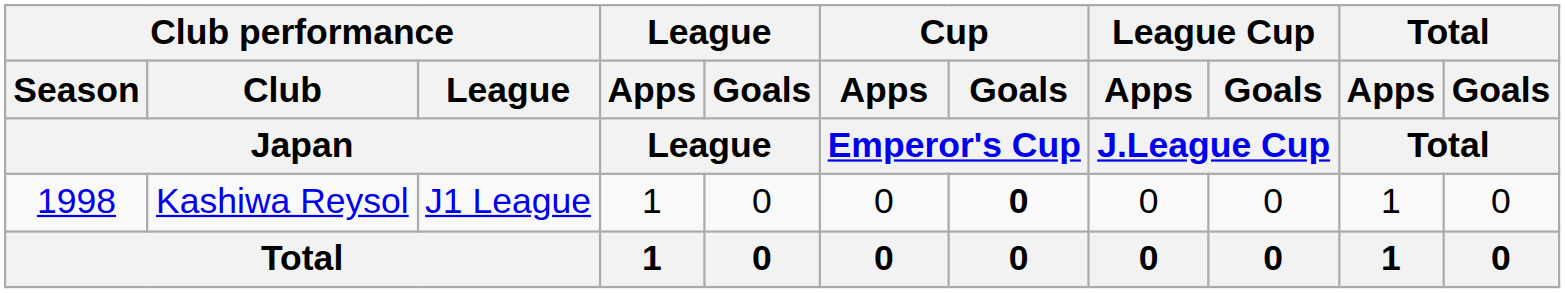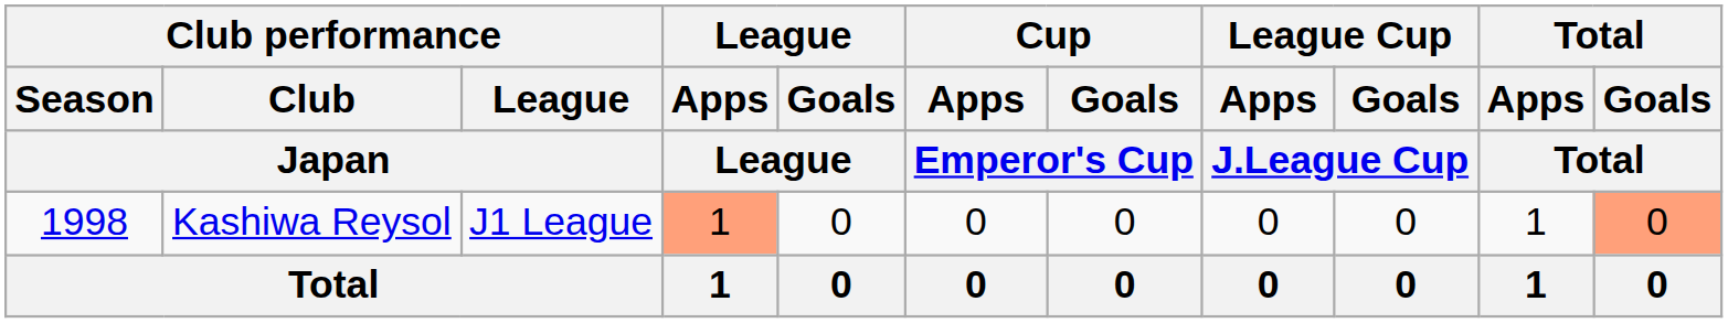 <table class="wikitable" style="text-align:center;">
 <tr>
 <th colspan=3>Club performance</th>
 <th colspan=2>League</th>
 <th colspan=2>Cup</th>
 <th colspan=2>League Cup</th>
 <th colspan=2>Total</th>
 </tr>
 <tr>
 <th>Season</th>
 <th>Club</th>
 <th>League</th>
 <th>Apps</th>
 <th>Goals</th>
 <th>Apps</th>
 <th>Goals</th>
 <th>Apps</th>
 <th>Goals</th>
 <th>Apps</th>
 <th>Goals</th>
 </tr>
 <tr>
 <th colspan=3>Japan</th>
 <th colspan=2>League</th>
 <th colspan=2><a href='#'>Emperor's Cup</a></th>
 <th colspan=2><a href='#'>J.League Cup</a></th>
 <th colspan=2>Total</th>
 </tr>
 <tr>
 <td><a href='#'>1998</a></td>
 <td><a href='#'>Kashiwa Reysol</a></td>
 <td><a href='#'>J1 League</a></td>
-<td>1</td>
+<td style="background: lightsalmon;">1</td>
 <td>0</td>
 <td>0</td>
-<td><strong>0</strong></td>
+<td>0</td>
 <td>0</td>
 <td>0</td>
 <td>1</td>
-<td>0</td>
+<td style="background: lightsalmon;">0</td>
 </tr>
 <tr>
 <th colspan=3>Total</th>
 <th>1</th>
 <th>0</th>
 <th>0</th>
 <th>0</th>
 <th>0</th>
 <th>0</th>
 <th>1</th>
 <th>0</th>
 </tr>
 </table>
